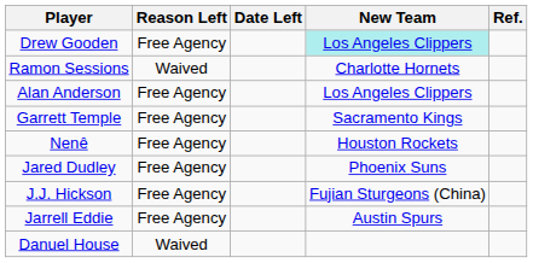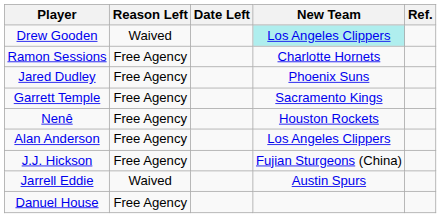 <table class="wikitable sortable sortable">
 <tr>
 <th>Player</th>
 <th>Reason Left</th>
 <th>Date Left</th>
 <th>New Team</th>
 <th>Ref.</th>
 </tr>
 <tr style="text-align: center">
 <td><a href='#'>Drew Gooden</a></td>
-<td>Free Agency</td>
+<td>Waived</td>
 <td></td>
 <td style="background: paleturquoise;"><a href='#'>Los Angeles Clippers</a></td>
 <td></td>
 </tr>
 <tr style="text-align: center">
 <td><a href='#'>Ramon Sessions</a></td>
-<td>Waived</td>
+<td>Free Agency</td>
 <td></td>
 <td><a href='#'>Charlotte Hornets</a></td>
 <td></td>
 </tr>
 <tr style="text-align: center">
-<td><a href='#'>Alan Anderson</a></td>
+<td><a href='#'>Jared Dudley</a></td>
 <td>Free Agency</td>
 <td></td>
-<td><a href='#'>Los Angeles Clippers</a></td>
+<td><a href='#'>Phoenix Suns</a></td>
 <td></td>
 </tr>
 <tr style="text-align: center">
 <td><a href='#'>Garrett Temple</a></td>
 <td>Free Agency</td>
 <td></td>
 <td><a href='#'>Sacramento Kings</a></td>
 <td></td>
 </tr>
 <tr style="text-align: center">
 <td><a href='#'>Nenê</a></td>
 <td>Free Agency</td>
 <td></td>
 <td><a href='#'>Houston Rockets</a></td>
 <td></td>
 </tr>
 <tr style="text-align: center">
-<td><a href='#'>Jared Dudley</a></td>
+<td><a href='#'>Alan Anderson</a></td>
 <td>Free Agency</td>
 <td></td>
-<td><a href='#'>Phoenix Suns</a></td>
+<td><a href='#'>Los Angeles Clippers</a></td>
 <td></td>
 </tr>
 <tr style="text-align: center">
 <td><a href='#'>J.J. Hickson</a></td>
 <td>Free Agency</td>
 <td></td>
 <td><a href='#'>Fujian Sturgeons</a> (China)</td>
 <td></td>
 </tr>
 <tr style="text-align: center">
 <td><a href='#'>Jarrell Eddie</a></td>
-<td>Free Agency</td>
+<td>Waived</td>
 <td></td>
 <td><a href='#'>Austin Spurs</a></td>
 <td></td>
 </tr>
 <tr style="text-align: center">
 <td><a href='#'>Danuel House</a></td>
-<td>Waived</td>
+<td>Free Agency</td>
 <td></td>
 <td></td>
 <td></td>
 </tr>
 </table>
